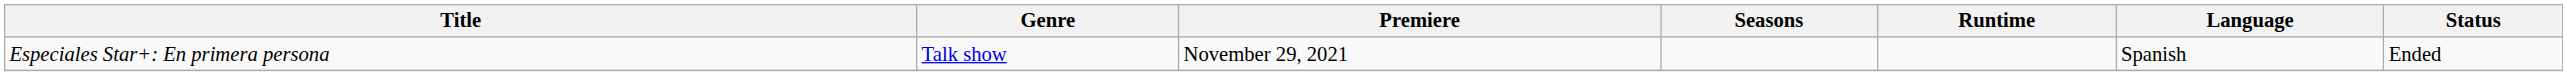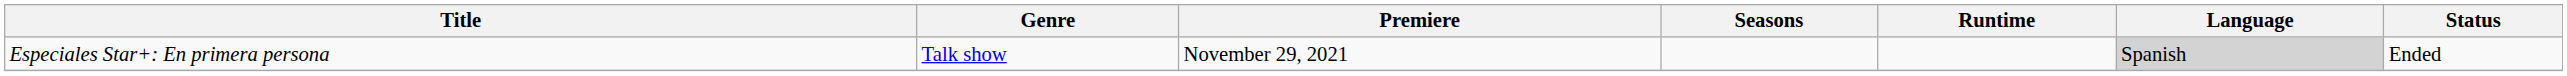 <table class="wikitable sortable" style="width:100%;">
 <tr>
 <th>Title</th>
 <th>Genre</th>
 <th>Premiere</th>
 <th>Seasons</th>
 <th>Runtime</th>
 <th>Language</th>
 <th>Status</th>
 </tr>
 <tr>
 <td><em>Especiales Star+: En primera persona</em></td>
 <td><a href='#'>Talk show</a></td>
 <td>November 29, 2021</td>
 <td></td>
 <td></td>
-<td>Spanish</td>
+<td style="background: lightgrey;">Spanish</td>
 <td>Ended</td>
 </tr>
 <tr>
 </tr>
 </table>
